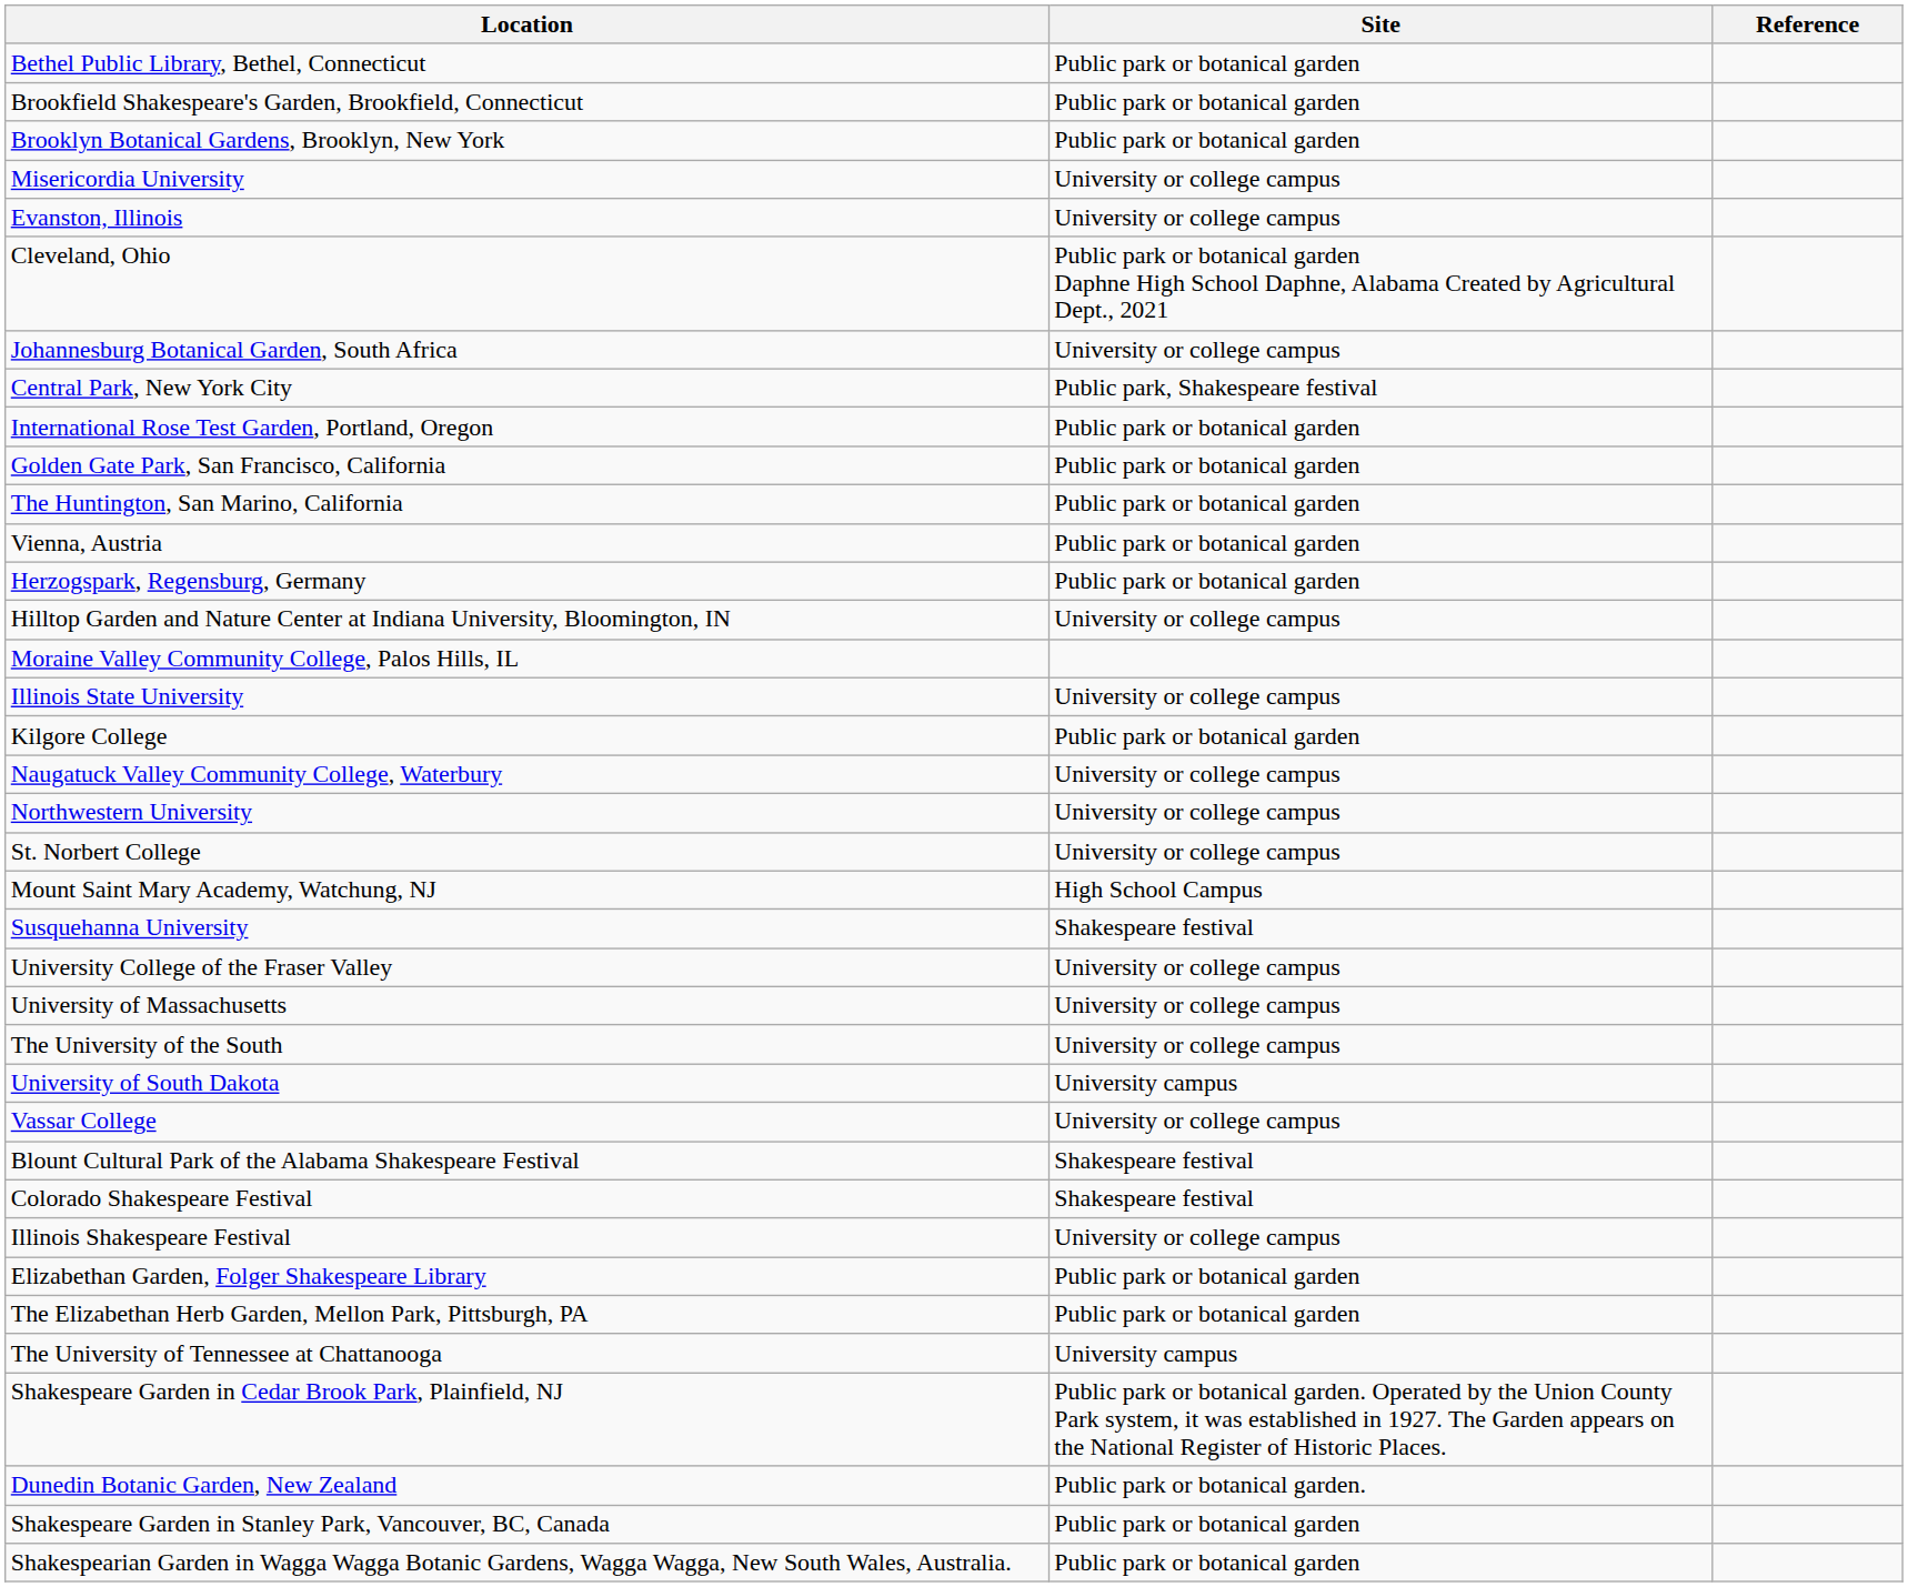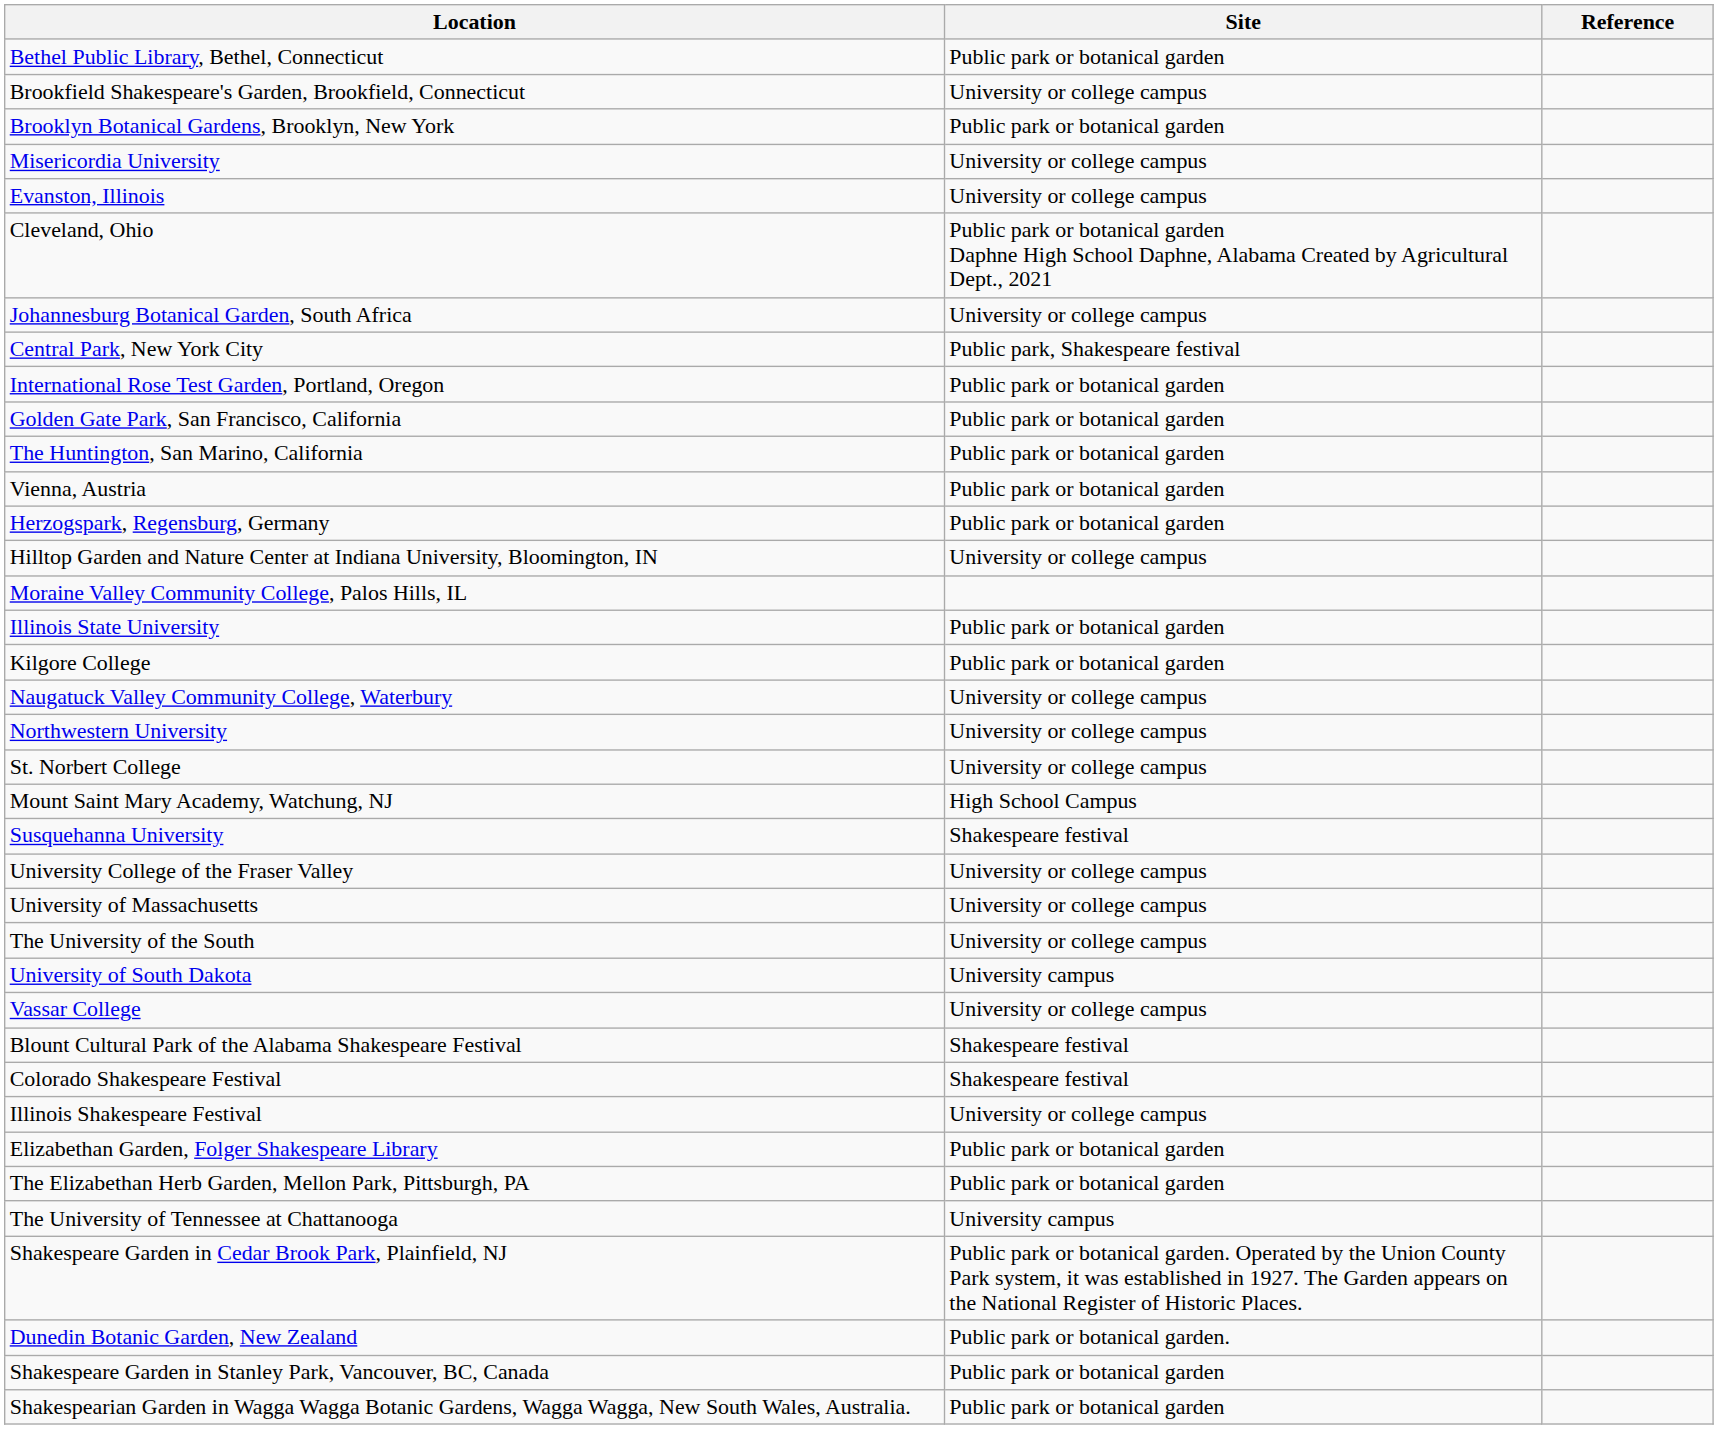 <table class=wikitable>
 <tr>
 <th width="55%">Location</th>
 <th width="35%">Site</th>
 <th width="10%">Reference</th>
 </tr>
 <tr valign="top">
 <td><a href='#'>Bethel Public Library</a>, Bethel, Connecticut</td>
 <td>Public park or botanical garden</td>
 <td></td>
 </tr>
 <tr valign="top">
 <td>Brookfield Shakespeare's Garden, Brookfield, Connecticut</td>
-<td>Public park or botanical garden</td>
+<td>University or college campus</td>
 <td></td>
 </tr>
 <tr valign="top">
 <td><a href='#'>Brooklyn Botanical Gardens</a>, Brooklyn, New York</td>
 <td>Public park or botanical garden</td>
 <td></td>
 </tr>
 <tr valign="top">
 <td><a href='#'>Misericordia University</a></td>
 <td>University or college campus</td>
 <td></td>
 </tr>
 <tr valign="top">
 <td><a href='#'>Evanston, Illinois</a></td>
 <td>University or college campus</td>
 <td></td>
 </tr>
 <tr valign="top">
 <td>Cleveland, Ohio</td>
 <td>Public park or botanical garden<br>Daphne High School Daphne, Alabama Created by Agricultural Dept., 2021</td>
 <td></td>
 </tr>
 <tr valign="top">
 <td><a href='#'>Johannesburg Botanical Garden</a>, South Africa</td>
 <td>University or college campus</td>
 <td></td>
 </tr>
 <tr valign="top">
 <td><a href='#'>Central Park</a>, New York City</td>
 <td>Public park, Shakespeare festival</td>
 <td></td>
 </tr>
 <tr valign="top">
 <td><a href='#'>International Rose Test Garden</a>, Portland, Oregon</td>
 <td>Public park or botanical garden</td>
 <td></td>
 </tr>
 <tr valign="top">
 <td><a href='#'>Golden Gate Park</a>, San Francisco, California</td>
 <td>Public park or botanical garden</td>
 <td></td>
 </tr>
 <tr valign="top">
 <td><a href='#'>The Huntington</a>, San Marino, California</td>
 <td>Public park or botanical garden</td>
 <td></td>
 </tr>
 <tr valign="top">
 <td>Vienna, Austria</td>
 <td>Public park or botanical garden</td>
 <td></td>
 </tr>
 <tr valign="top">
 <td><a href='#'>Herzogspark</a>, <a href='#'>Regensburg</a>, Germany</td>
 <td>Public park or botanical garden</td>
 </tr>
 <tr>
 <td>Hilltop Garden and Nature Center at Indiana University, Bloomington, IN</td>
 <td>University or college campus</td>
 <td></td>
 </tr>
 <tr valign="top">
 <td><a href='#'>Moraine Valley Community College</a>, Palos Hills, IL</td>
 <td></td>
 </tr>
 <tr valign="top">
 <td><a href='#'>Illinois State University</a></td>
-<td>University or college campus</td>
+<td>Public park or botanical garden</td>
 <td></td>
 </tr>
 <tr valign="top">
 <td>Kilgore College</td>
 <td>Public park or botanical garden</td>
 <td></td>
 </tr>
 <tr valign="top">
 <td><a href='#'>Naugatuck Valley Community College</a>, <a href='#'>Waterbury</a></td>
 <td>University or college campus</td>
 <td></td>
 </tr>
 <tr valign="top">
 <td><a href='#'>Northwestern University</a></td>
 <td>University or college campus</td>
 <td></td>
 </tr>
 <tr valign="top">
 <td>St. Norbert College</td>
 <td>University or college campus</td>
 <td></td>
 </tr>
 <tr valign="top">
 <td>Mount Saint Mary Academy, Watchung, NJ</td>
 <td>High School Campus</td>
 <td></td>
 </tr>
 <tr valign="top">
 <td><a href='#'>Susquehanna University</a></td>
 <td>Shakespeare festival</td>
 <td></td>
 </tr>
 <tr valign="top">
 <td>University College of the Fraser Valley</td>
 <td>University or college campus</td>
 <td></td>
 </tr>
 <tr valign="top">
 <td>University of Massachusetts</td>
 <td>University or college campus</td>
 <td></td>
 </tr>
 <tr valign="top">
 <td>The University of the South</td>
 <td>University or college campus</td>
 <td></td>
 </tr>
 <tr valign="top">
 <td><a href='#'>University of South Dakota</a></td>
 <td>University campus</td>
 <td></td>
 </tr>
 <tr valign="top">
 <td><a href='#'>Vassar College</a></td>
 <td>University or college campus</td>
 <td></td>
 </tr>
 <tr valign="top">
 <td>Blount Cultural Park of the Alabama Shakespeare Festival</td>
 <td>Shakespeare festival</td>
 <td></td>
 </tr>
 <tr valign="top">
 <td>Colorado Shakespeare Festival</td>
 <td>Shakespeare festival</td>
 <td></td>
 </tr>
 <tr valign="top">
 <td>Illinois Shakespeare Festival</td>
 <td>University or college campus</td>
 <td></td>
 </tr>
 <tr valign="top">
 <td>Elizabethan Garden, <a href='#'>Folger Shakespeare Library</a></td>
 <td>Public park or botanical garden</td>
 <td></td>
 </tr>
 <tr valign="top">
 <td>The Elizabethan Herb Garden, Mellon Park, Pittsburgh, PA</td>
 <td>Public park or botanical garden</td>
 <td></td>
 </tr>
 <tr valign="top">
 <td>The University of Tennessee at Chattanooga</td>
 <td>University campus</td>
 <td></td>
 </tr>
 <tr valign="top">
 <td>Shakespeare Garden in <a href='#'>Cedar Brook Park</a>, Plainfield, NJ</td>
 <td>Public park or botanical garden. Operated by the Union County Park system, it was established in 1927.  The Garden appears on the National Register of Historic Places.</td>
 <td></td>
 </tr>
 <tr valign="top">
 <td><a href='#'>Dunedin Botanic Garden</a>, <a href='#'>New Zealand</a></td>
 <td>Public park or botanical garden.</td>
 <td></td>
 </tr>
 <tr>
 <td>Shakespeare Garden in Stanley Park, Vancouver, BC, Canada</td>
 <td>Public park or botanical garden</td>
 <td></td>
 </tr>
 <tr>
 <td>Shakespearian Garden in Wagga Wagga Botanic Gardens, Wagga Wagga, New South Wales, Australia.</td>
 <td>Public park or botanical garden</td>
 <td></td>
 </tr>
 </table>
